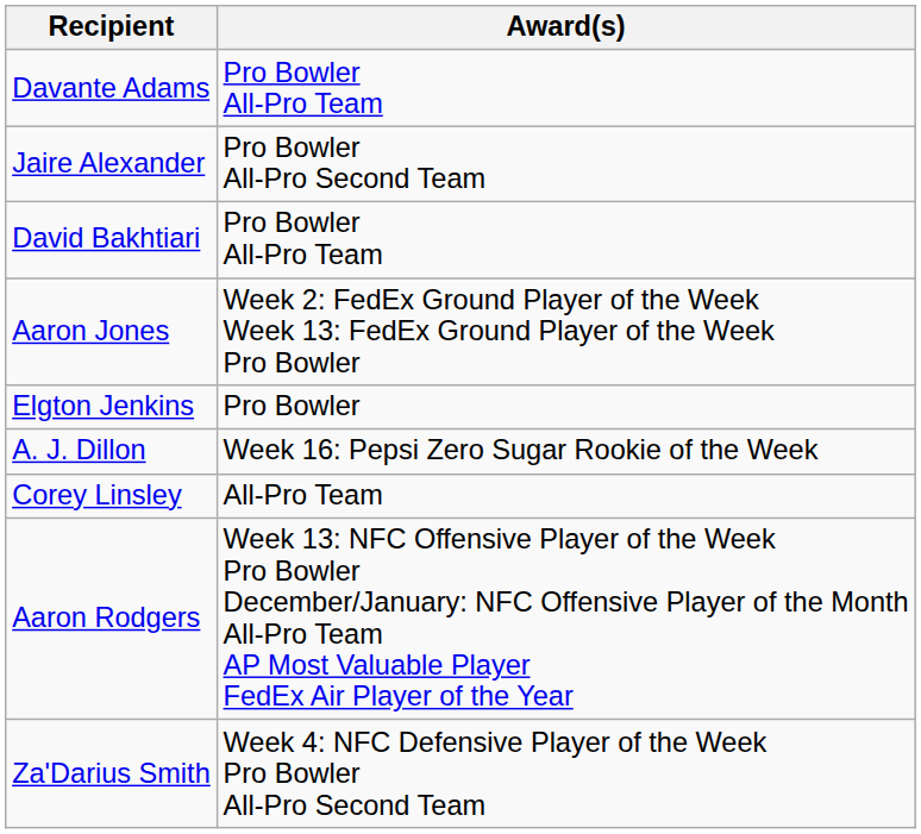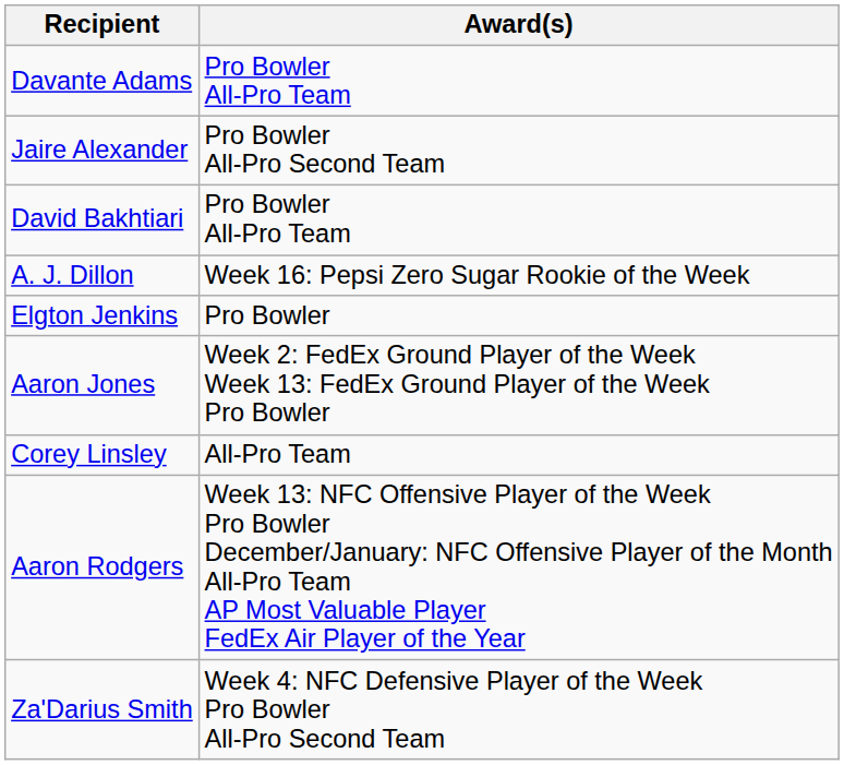 <table class="wikitable">
 <tr>
 <th>Recipient</th>
 <th>Award(s)</th>
 </tr>
 <tr>
 <td><a href='#'>Davante Adams</a></td>
 <td><a href='#'>Pro Bowler</a><br><a href='#'>All-Pro Team</a></td>
 </tr>
 <tr>
 <td><a href='#'>Jaire Alexander</a></td>
 <td>Pro Bowler<br>All-Pro Second Team</td>
 </tr>
 <tr>
 <td><a href='#'>David Bakhtiari</a></td>
 <td>Pro Bowler<br>All-Pro Team</td>
 </tr>
 <tr>
-<td><a href='#'>Aaron Jones</a></td>
-<td>Week 2: FedEx Ground Player of the Week<br>Week 13: FedEx Ground Player of the Week<br>Pro Bowler</td>
+<td><a href='#'>A. J. Dillon</a></td>
+<td>Week 16: Pepsi Zero Sugar Rookie of the Week</td>
 </tr>
 <tr>
 <td><a href='#'>Elgton Jenkins</a></td>
 <td>Pro Bowler</td>
 </tr>
 <tr>
-<td><a href='#'>A. J. Dillon</a></td>
-<td>Week 16: Pepsi Zero Sugar Rookie of the Week</td>
+<td><a href='#'>Aaron Jones</a></td>
+<td>Week 2: FedEx Ground Player of the Week<br>Week 13: FedEx Ground Player of the Week<br>Pro Bowler</td>
 </tr>
 <tr>
 <td><a href='#'>Corey Linsley</a></td>
 <td>All-Pro Team</td>
 </tr>
 <tr>
 <td><a href='#'>Aaron Rodgers</a></td>
 <td>Week 13: NFC Offensive Player of the Week<br>Pro Bowler<br>December/January: NFC Offensive Player of the Month<br>All-Pro Team<br><a href='#'>AP Most Valuable Player</a><br><a href='#'>FedEx Air Player of the Year</a></td>
 </tr>
 <tr>
 <td><a href='#'>Za'Darius Smith</a></td>
 <td>Week 4: NFC Defensive Player of the Week<br>Pro Bowler<br>All-Pro Second Team</td>
 </tr>
 </table>
